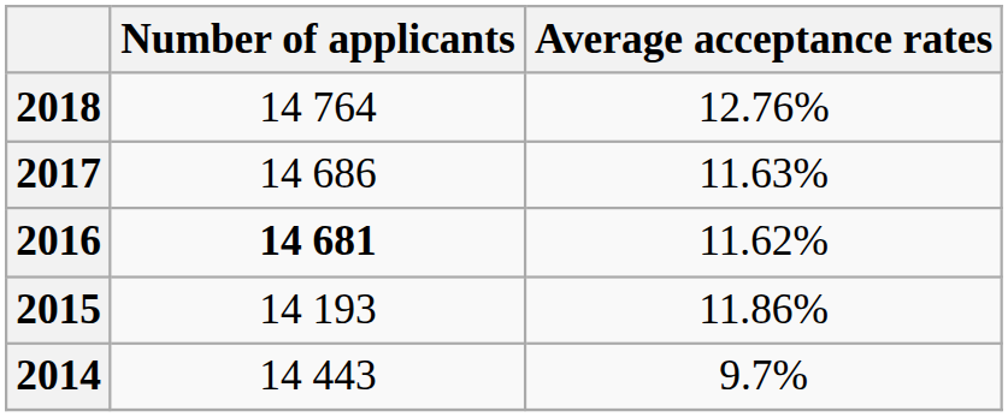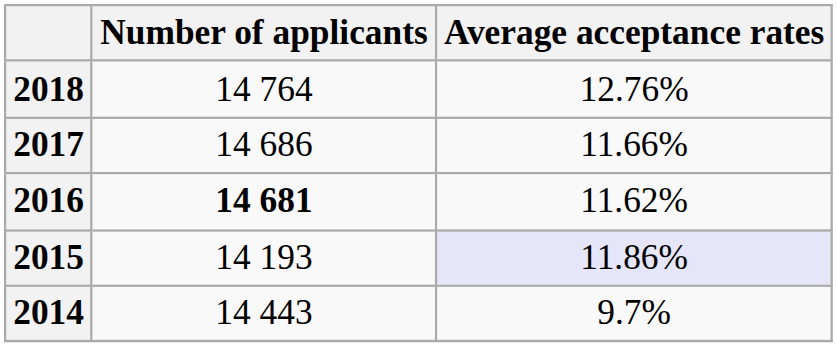 <table class="wikitable" style="text-align:center;">
 <tr>
 <th colspan="1"></th>
 <th colspan="1">Number of applicants</th>
 <th colspan="1">Average acceptance rates</th>
 </tr>
 <tr>
 <th colspan="1">2018</th>
 <td>14 764</td>
 <td>12.76%</td>
 </tr>
 <tr>
 <th colspan="1">2017</th>
 <td>14 686</td>
-<td>11.63%</td>
+<td>11.66%</td>
 </tr>
 <tr>
 <th colspan="1">2016</th>
 <td><strong>14 681</strong></td>
 <td>11.62%</td>
 </tr>
 <tr>
 <th colspan="1">2015</th>
 <td>14 193</td>
-<td>11.86%</td>
+<td style="background: lavender;">11.86%</td>
 </tr>
 <tr>
 <th colspan="1">2014</th>
 <td>14 443</td>
 <td>9.7%</td>
 </tr>
 <tr>
 </tr>
 </table>
